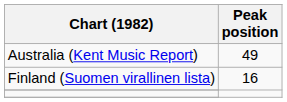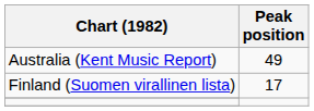 <table class="wikitable sortable">
 <tr>
 <th>Chart (1982)</th>
 <th>Peak<br>position</th>
 </tr>
 <tr>
 <td>Australia (<a href='#'>Kent Music Report</a>)</td>
 <td style="text-align:center;">49</td>
 </tr>
 <tr>
 <td>Finland (<a href='#'>Suomen virallinen lista</a>)</td>
-<td style="text-align:center;">16</td>
+<td style="text-align:center;">17</td>
 </tr>
 <tr>
 </tr>
 <tr>
 </tr>
 <tr>
 <td></td>
 </tr>
 <tr>
 </tr>
 <tr>
 </tr>
 <tr>
 </tr>
 <tr>
 </tr>
 <tr>
 </tr>
 <tr>
 </tr>
 <tr>
 </tr>
 </table>
